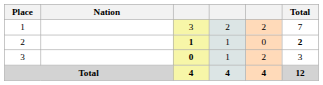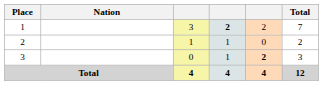 <table class=wikitable style="border:1px solid #AAAAAA;font-size:90%">
 <tr bgcolor="#EFEFEF">
 <th width=50>Place</th>
 <th width=200>Nation</th>
 <th width=50></th>
 <th width=50></th>
 <th width=50></th>
 <th width=50>Total</th>
 </tr>
 <tr align="center" valign="top" bgcolor="#FFFFFF">
 <td>1</td>
 <td align="left"></td>
 <td style="background:#F7F6A8;">3</td>
-<td style="background:#DCE5E5;">2</td>
+<td style="background:#DCE5E5;"><strong>2</strong></td>
 <td style="background:#FFDAB9;">2</td>
 <td>7</td>
 </tr>
 <tr align="center" valign="top" bgcolor="#FFFFFF">
 <td>2</td>
 <td align="left"></td>
-<td style="background:#F7F6A8;"><strong>1</strong></td>
+<td style="background:#F7F6A8;">1</td>
 <td style="background:#DCE5E5;">1</td>
 <td style="background:#FFDAB9;">0</td>
-<td><strong>2</strong></td>
+<td>2</td>
 </tr>
 <tr align="center" valign="top" bgcolor="#FFFFFF">
 <td>3</td>
 <td align="left"></td>
-<td style="background:#F7F6A8;"><strong>0</strong></td>
+<td style="background:#F7F6A8;">0</td>
 <td style="background:#DCE5E5;">1</td>
-<td style="background:#FFDAB9;">2</td>
+<td style="background:#FFDAB9;"><strong>2</strong></td>
 <td>3</td>
 </tr>
 <tr align="center">
 <td colspan="2" bgcolor=D3D3D3><strong>Total</strong></td>
 <td style="background:#F7F6A8;"><strong>4</strong></td>
 <td style="background:#DCE5E5;"><strong>4</strong></td>
 <td style="background:#FFDAB9;"><strong>4</strong></td>
 <td bgcolor=D3D3D3><strong>12</strong></td>
 </tr>
 </table>
